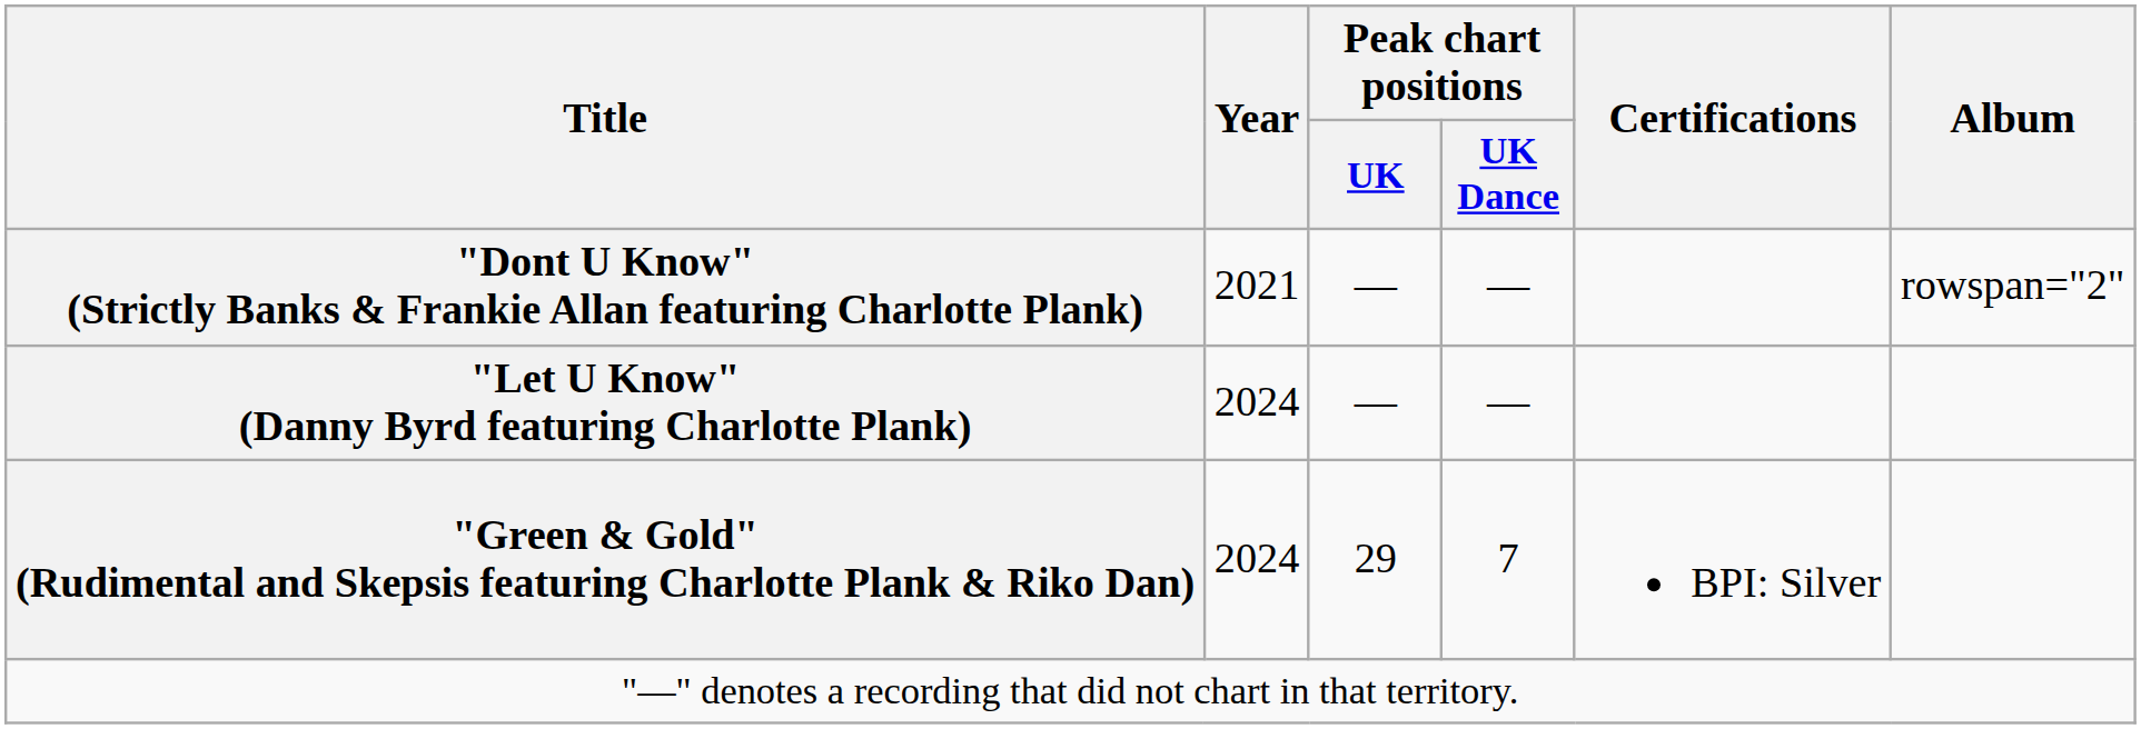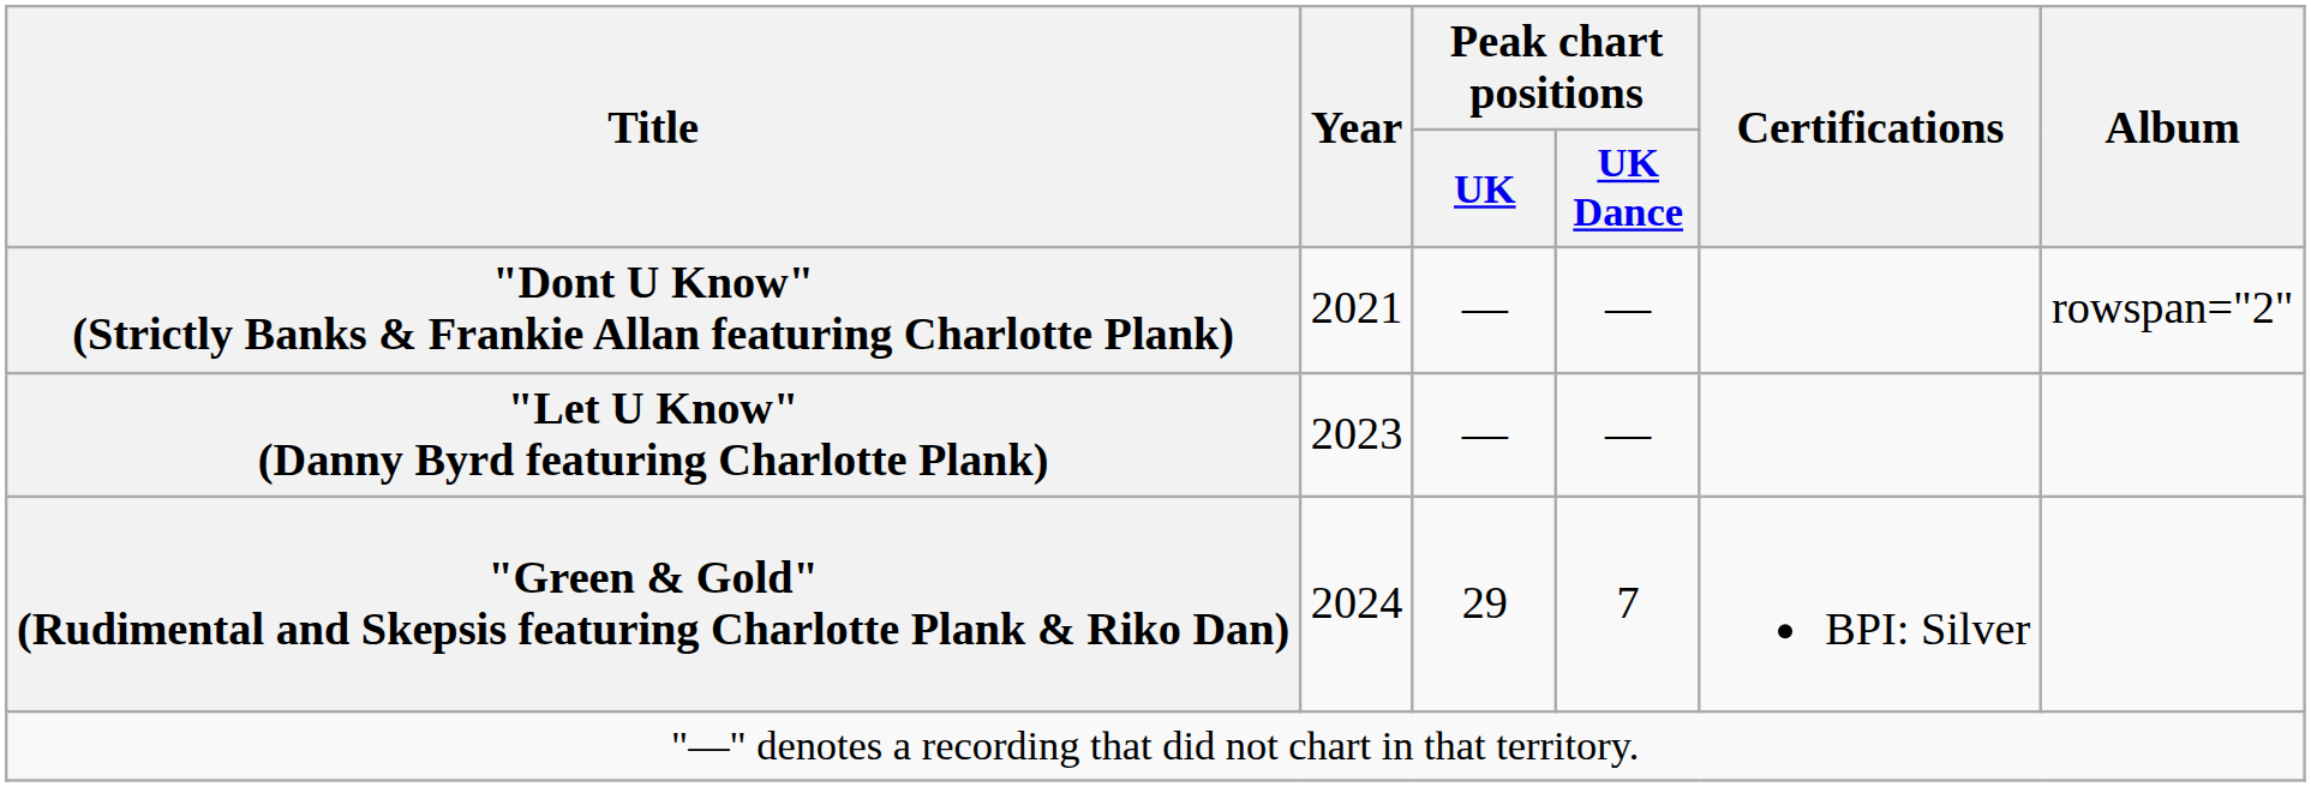 <table class="wikitable plainrowheaders" style="text-align:center;">
 <tr>
 <th scope="col" rowspan="2">Title</th>
 <th scope="col" rowspan="2">Year</th>
 <th scope="col" colspan="2">Peak chart positions</th>
 <th scope="col" rowspan="2">Certifications</th>
 <th scope="col" rowspan="2">Album</th>
 </tr>
 <tr>
 <th scope="col" style="width:3em;font-size:90%;"><a href='#'>UK</a><br></th>
 <th scope="col" style="width:3em;font-size:90%;"><a href='#'>UK<br>Dance</a><br></th>
 </tr>
 <tr>
 <th scope="row">"Dont U Know"<br><span>(Strictly Banks & Frankie Allan featuring Charlotte Plank)</span></th>
 <td>2021</td>
 <td>—</td>
 <td>—</td>
 <td></td>
 <td>rowspan="2" </td>
 </tr>
 <tr>
 <th scope="row">"Let U Know"<br><span>(Danny Byrd featuring Charlotte Plank)</span></th>
-<td>2024</td>
+<td>2023</td>
 <td>—</td>
 <td>—</td>
 <td></td>
 </tr>
 <tr>
 <th scope="row">"Green & Gold"<br><span>(Rudimental and Skepsis featuring Charlotte Plank & Riko Dan)</span></th>
 <td>2024</td>
 <td>29</td>
 <td>7</td>
 <td><br><ul><li>BPI: Silver</li></ul></td>
 <td></td>
 </tr>
 <tr>
 <td colspan="6" style="font-size:90%">"—" denotes a recording that did not chart in that territory.</td>
 </tr>
 </table>
